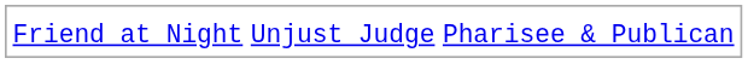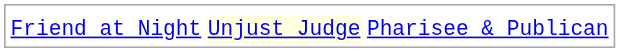 <table style="text-align:center; border:1px solid darkgray;">
 <tr border=0>
 <td></td>
 <td style="padding-left:1em;"></td>
 <td></td>
 </tr>
 <tr>
 <td><a href='#'>Friend at Night</a></td>
-<td><a href='#'>Unjust Judge</a></td>
+<td style="background: lightyellow;"><a href='#'>Unjust Judge</a></td>
 <td><a href='#'>Pharisee & Publican</a></td>
 </tr>
 </table>
